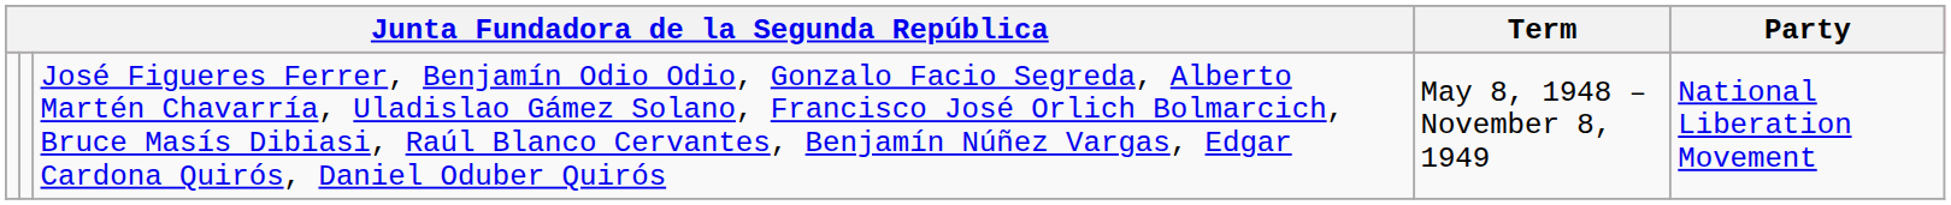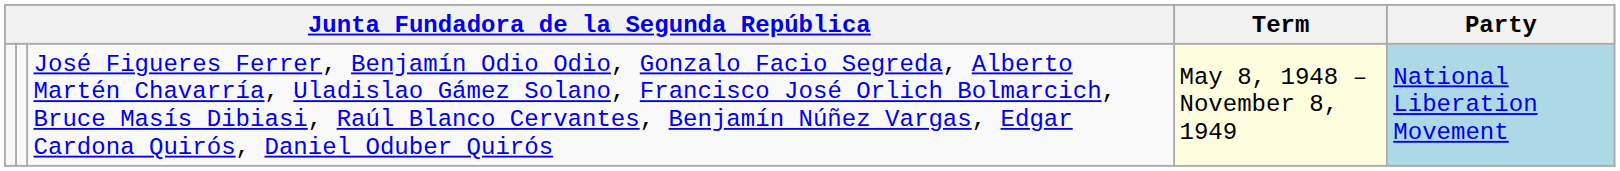 <table class="wikitable">
 <tr bgcolor=#E4E8FF8657856785678>
 <th Colspan=3><a href='#'>Junta Fundadora de la Segunda República</a></th>
 <th>Term</th>
 <th>Party</th>
 </tr>
 <tr>
 <td bgcolor=></td>
 <td></td>
 <td><a href='#'>José Figueres Ferrer</a>, <a href='#'>Benjamín Odio Odio</a>, <a href='#'>Gonzalo Facio Segreda</a>, <a href='#'>Alberto Martén Chavarría</a>, <a href='#'>Uladislao Gámez Solano</a>, <a href='#'>Francisco José Orlich Bolmarcich</a>, <a href='#'>Bruce Masís Dibiasi</a>, <a href='#'>Raúl Blanco Cervantes</a>, <a href='#'>Benjamín Núñez Vargas</a>, <a href='#'>Edgar Cardona Quirós</a>, <a href='#'>Daniel Oduber Quirós</a></td>
-<td>May 8, 1948 – November 8, 1949</td>
-<td><a href='#'>National Liberation Movement</a></td>
+<td style="background: lightyellow;">May 8, 1948 – November 8, 1949</td>
+<td style="background: lightblue;"><a href='#'>National Liberation Movement</a></td>
 </tr>
 </table>
